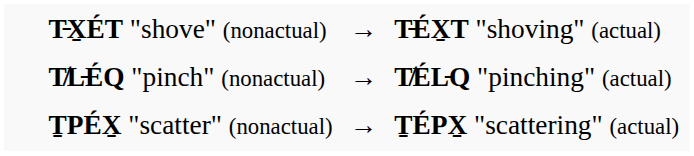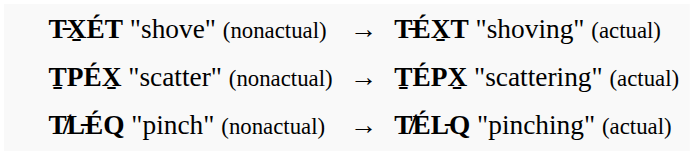 <table border="0" cellpadding="4" style="text-align: left; font-family: Aboriginal Sans, Doulos SIL, GentiumAlt, Lucida Sans Unicode, Gentium, Code2000, Chrysanthi Unicode, TITUS Cyberbit Basic, Bitstream Cyberbit, Bitstream Vera, Arial Unicode MS, Hiragino Kaku Gothic Pro, Lucida Grande; background: #f9f9f9;">
 <tr>
 <td>     <strong>T̵X̱ÉT</strong> "shove" <small>(nonactual)</small></td>
 <td>→</td>
 <td><strong>T̵ÉX̱T</strong> "shoving" <small>(actual)</small></td>
 </tr>
 <tr>
+<td>     <strong>ṮPÉX̱</strong> "scatter" <small>(nonactual)</small></td>
+<td>→</td>
+<td><strong>ṮÉPX̱</strong> "scattering" <small>(actual)</small></td>
+</tr>
+<tr>
 <td>     <strong>T̸L̵ÉQ</strong> "pinch" <small>(nonactual)</small></td>
 <td>→</td>
 <td><strong>T̸ÉL̵Q</strong> "pinching" <small>(actual)</small></td>
 </tr>
-<tr>
-<td>     <strong>ṮPÉX̱</strong> "scatter" <small>(nonactual)</small></td>
-<td>→</td>
-<td><strong>ṮÉPX̱</strong> "scattering" <small>(actual)</small></td>
-</tr>
 </table>
